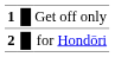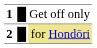 <table border="1" cellspacing="0" cellpadding="3" frame="hsides" rules="rows" style="margin-top:.4em; text-align:left">
 <tr>
 <th>1</th>
 <td colspan="2"><span>█</span> Get off only</td>
 </tr>
 <tr>
 <th>2</th>
 <td><span>█</span></td>
-<td>for <a href='#'>Hondōri</a></td>
+<td style="background: khaki;">for <a href='#'>Hondōri</a></td>
 </tr>
 </table>
